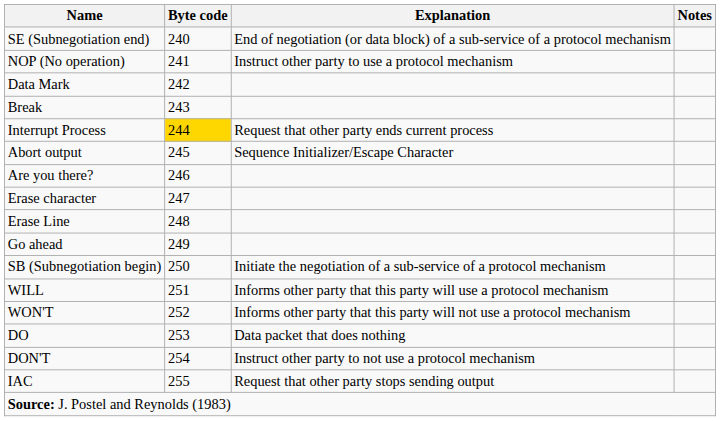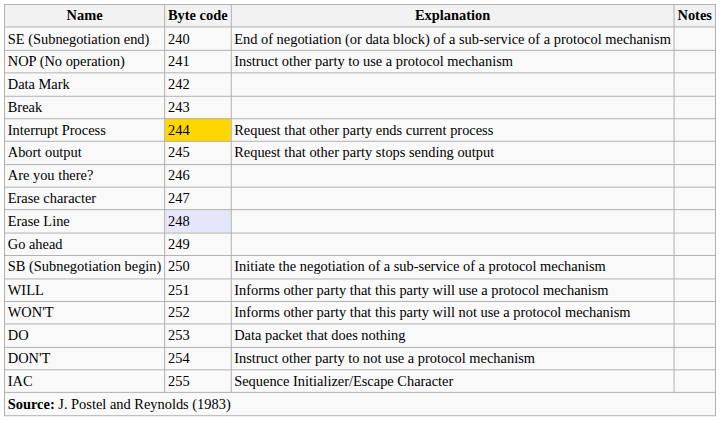 <table class="wikitable">
 <tr>
 <th>Name</th>
 <th>Byte code</th>
 <th>Explanation</th>
 <th>Notes</th>
 </tr>
 <tr>
 <td>SE (Subnegotiation end)</td>
 <td>240</td>
 <td>End of negotiation (or data block) of a sub-service of a protocol mechanism</td>
 <td></td>
 </tr>
 <tr>
 <td>NOP (No operation)</td>
 <td>241</td>
 <td>Instruct other party to use a protocol mechanism</td>
 <td></td>
 </tr>
 <tr>
 <td>Data Mark</td>
 <td>242</td>
 <td></td>
 <td></td>
 </tr>
 <tr>
 <td>Break</td>
 <td>243</td>
 <td></td>
 <td></td>
 </tr>
 <tr>
 <td>Interrupt Process</td>
 <td style="background: gold;">244</td>
 <td>Request that other party ends current process</td>
 <td></td>
 </tr>
 <tr>
 <td>Abort output</td>
 <td>245</td>
-<td>Sequence Initializer/Escape Character</td>
+<td>Request that other party stops sending output</td>
 <td></td>
 </tr>
 <tr>
 <td>Are you there?</td>
 <td>246</td>
 <td></td>
 <td></td>
 </tr>
 <tr>
 <td>Erase character</td>
 <td>247</td>
 <td></td>
 <td></td>
 </tr>
 <tr>
 <td>Erase Line</td>
-<td>248</td>
+<td style="background: lavender;">248</td>
 <td></td>
 <td></td>
 </tr>
 <tr>
 <td>Go ahead</td>
 <td>249</td>
 <td></td>
 <td></td>
 </tr>
 <tr>
 <td>SB (Subnegotiation begin)</td>
 <td>250</td>
 <td>Initiate the negotiation of a sub-service of a protocol mechanism</td>
 <td></td>
 </tr>
 <tr>
 <td>WILL</td>
 <td>251</td>
 <td>Informs other party that this party will use a protocol mechanism</td>
 <td></td>
 </tr>
 <tr>
 <td>WON'T</td>
 <td>252</td>
 <td>Informs other party that this party will not use a protocol mechanism</td>
 <td></td>
 </tr>
 <tr>
 <td>DO</td>
 <td>253</td>
 <td>Data packet that does nothing</td>
 <td></td>
 </tr>
 <tr>
 <td>DON'T</td>
 <td>254</td>
 <td>Instruct other party to not use a protocol mechanism</td>
 <td></td>
 </tr>
 <tr>
 <td>IAC</td>
 <td>255</td>
-<td>Request that other party stops sending output</td>
+<td>Sequence Initializer/Escape Character</td>
 <td></td>
 </tr>
 <tr>
 <td colspan="4"><strong>Source:</strong>  J. Postel and Reynolds (1983)</td>
 </tr>
 </table>
